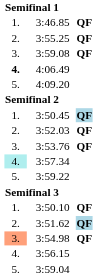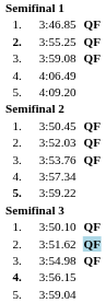 <table style="text-align:center">
 <tr>
 <td colspan=4 align=left><strong>Semifinal 1</strong></td>
 </tr>
 <tr>
 <td width=30>1.</td>
 <td align=left></td>
 <td width=60>3:46.85</td>
 <td><strong>QF</strong></td>
 </tr>
 <tr>
-<td>2.</td>
+<td><strong>2.</strong></td>
 <td align=left></td>
 <td>3:55.25</td>
 <td><strong>QF</strong></td>
 </tr>
 <tr>
 <td>3.</td>
 <td align=left></td>
 <td>3:59.08</td>
 <td><strong>QF</strong></td>
 </tr>
 <tr>
-<td><strong>4.</strong></td>
+<td>4.</td>
 <td align=left></td>
 <td>4:06.49</td>
 <td></td>
 </tr>
 <tr>
 <td>5.</td>
 <td align=left></td>
 <td>4:09.20</td>
 <td></td>
 </tr>
 <tr>
 <td colspan=4 align=left><strong>Semifinal 2</strong></td>
 </tr>
 <tr>
 <td>1.</td>
 <td align=left></td>
 <td width=60>3:50.45</td>
-<td style="background: lightblue;"><strong>QF</strong></td>
+<td><strong>QF</strong></td>
 </tr>
 <tr>
 <td>2.</td>
 <td align=left></td>
 <td>3:52.03</td>
 <td><strong>QF</strong></td>
 </tr>
 <tr>
 <td>3.</td>
 <td align=left></td>
 <td>3:53.76</td>
 <td><strong>QF</strong></td>
 </tr>
 <tr>
-<td style="background: paleturquoise;">4.</td>
+<td>4.</td>
 <td align=left></td>
 <td>3:57.34</td>
 <td></td>
 </tr>
 <tr>
-<td>5.</td>
+<td><strong>5.</strong></td>
 <td align=left></td>
 <td>3:59.22</td>
 <td></td>
 </tr>
 <tr>
 <td colspan=4 align=left><strong>Semifinal 3</strong></td>
 </tr>
 <tr>
 <td>1.</td>
 <td align=left></td>
 <td>3:50.10</td>
 <td><strong>QF</strong></td>
 </tr>
 <tr>
 <td>2.</td>
 <td align=left></td>
 <td>3:51.62</td>
 <td style="background: lightblue;"><strong>QF</strong></td>
 </tr>
 <tr>
-<td style="background: lightsalmon;">3.</td>
+<td>3.</td>
 <td align=left></td>
 <td>3:54.98</td>
 <td><strong>QF</strong></td>
 </tr>
 <tr>
-<td>4.</td>
+<td><strong>4.</strong></td>
 <td align=left></td>
 <td>3:56.15</td>
 <td></td>
 </tr>
 <tr>
 <td>5.</td>
 <td align=left></td>
 <td>3:59.04</td>
 <td></td>
 </tr>
 </table>
